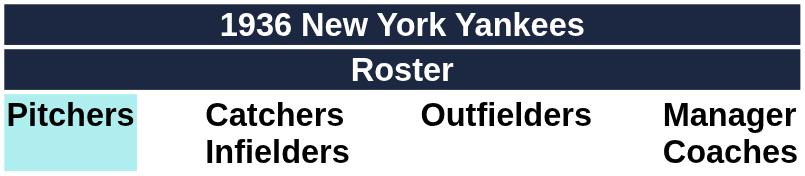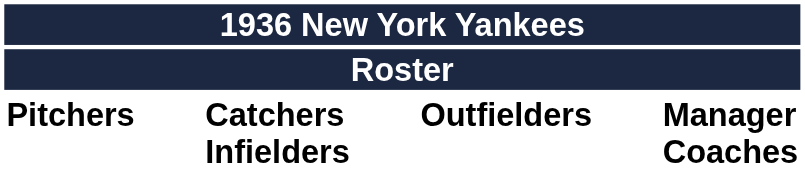 <table class="toccolours" style="font-size: 95%;">
 <tr>
 <th colspan="10" style="background-color: #1c2841; color: white; text-align: center;">1936 New York Yankees</th>
 </tr>
 <tr>
 <td colspan="10" style="background-color: #1c2841; color: white; text-align: center;"><strong>Roster</strong></td>
 </tr>
 <tr>
-<td valign="top" style="background: paleturquoise;"><strong>Pitchers</strong><br>          </td>
+<td valign="top"><strong>Pitchers</strong><br>          </td>
 <td width="25px"></td>
 <td valign="top"><strong>Catchers</strong><br>   <strong>Infielders</strong>      </td>
 <td width="25px"></td>
 <td valign="top"><strong>Outfielders</strong><br>       </td>
 <td width="25px"></td>
 <td valign="top"><strong>Manager</strong><br> <strong>Coaches</strong>   </td>
 </tr>
 </table>
